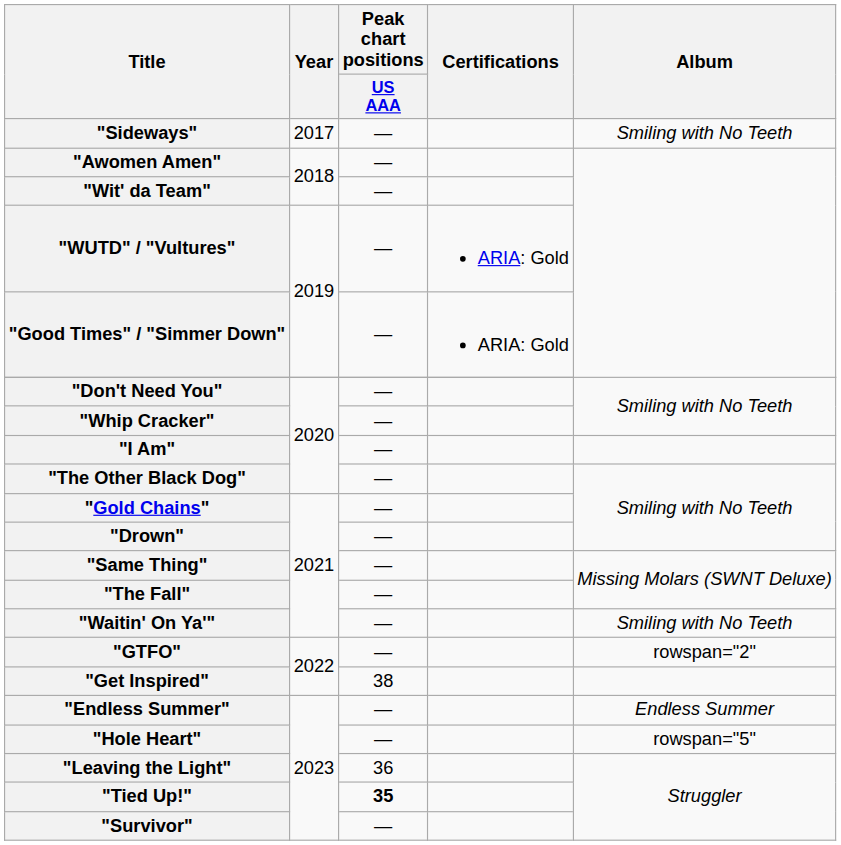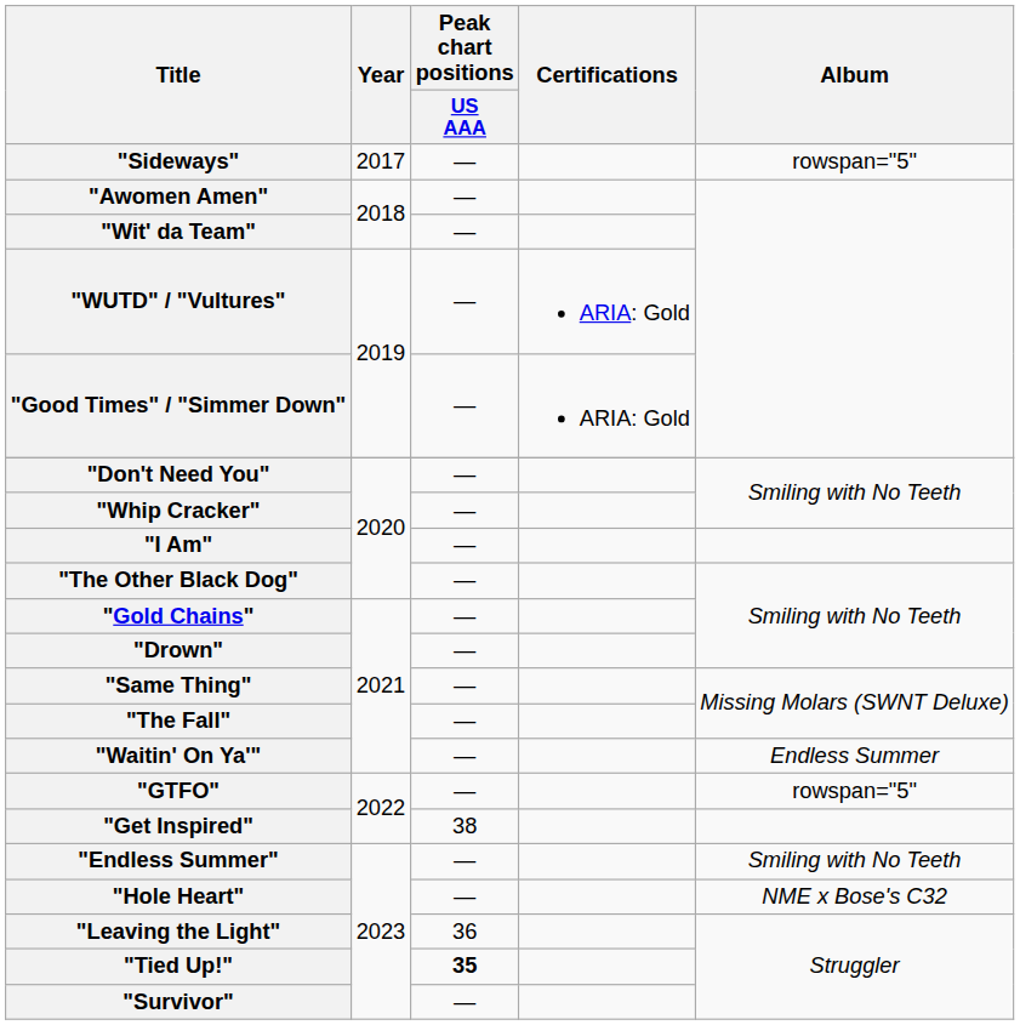 <table class="wikitable plainrowheaders" style="text-align:center;">
 <tr>
 <th rowspan="2" scope="col">Title</th>
 <th rowspan="2" scope="col">Year</th>
 <th rowspan="1" scope="col">Peak chart positions</th>
 <th rowspan="2" scope="col">Certifications</th>
 <th rowspan="2" scope="col">Album</th>
 </tr>
 <tr>
 <th scope="col" style="width:3em;font-size:90%;"><a href='#'>US<br>AAA</a><br></th>
 </tr>
 <tr>
 <th scope="row">"Sideways"</th>
 <td>2017</td>
 <td>—</td>
 <td></td>
-<td><em>Smiling with No Teeth</em></td>
+<td>rowspan="5" </td>
 </tr>
 <tr>
 <th scope="row">"Awomen Amen"</th>
 <td rowspan="2">2018</td>
 <td>—</td>
 <td></td>
 </tr>
 <tr>
 <th scope="row">"Wit' da Team"</th>
 <td>—</td>
 <td></td>
 </tr>
 <tr>
 <th scope="row">"WUTD" / "Vultures"</th>
 <td rowspan="2">2019</td>
 <td>—</td>
 <td><br><ul><li><a href='#'>ARIA</a>: Gold</li></ul></td>
 </tr>
 <tr>
 <th scope="row">"Good Times" / "Simmer Down"</th>
 <td>—</td>
 <td><br><ul><li>ARIA: Gold</li></ul></td>
 </tr>
 <tr>
 </tr>
 <tr>
 <th scope="row">"Don't Need You"</th>
 <td rowspan="4">2020</td>
 <td>—</td>
 <td></td>
 <td rowspan="2"><em>Smiling with No Teeth</em></td>
 </tr>
 <tr>
 <th scope="row">"Whip Cracker"</th>
 <td>—</td>
 <td></td>
 </tr>
 <tr>
 <th scope="row">"I Am"</th>
 <td>—</td>
 <td></td>
 <td></td>
 </tr>
 <tr>
 <th scope="row">"The Other Black Dog"</th>
 <td>—</td>
 <td></td>
 <td rowspan="3"><em>Smiling with No Teeth</em></td>
 </tr>
 <tr>
 <th scope="row">"<a href='#'>Gold Chains</a>"</th>
 <td rowspan="5">2021</td>
 <td>—</td>
 <td></td>
 </tr>
 <tr>
 <th scope="row">"Drown" <br></th>
 <td>—</td>
 <td></td>
 </tr>
 <tr>
 <th scope="row">"Same Thing"</th>
 <td>—</td>
 <td></td>
 <td rowspan="2"><em>Missing Molars (SWNT Deluxe)</em></td>
 </tr>
 <tr>
 <th scope="row">"The Fall"</th>
 <td>—</td>
 <td></td>
 </tr>
 <tr>
 <th scope="row">"Waitin' On Ya'"</th>
 <td>—</td>
 <td></td>
-<td><em>Smiling with No Teeth</em></td>
+<td><em>Endless Summer</em></td>
 </tr>
 <tr>
 <th scope="row">"GTFO"</th>
 <td rowspan="2">2022</td>
 <td>—</td>
 <td></td>
-<td>rowspan="2" </td>
+<td>rowspan="5" </td>
 </tr>
 <tr>
 <th scope="row">"Get Inspired"</th>
 <td>38</td>
 <td></td>
 </tr>
 <tr>
 <th scope="row">"Endless Summer"<br></th>
 <td rowspan="5">2023</td>
 <td>—</td>
 <td></td>
-<td><em>Endless Summer</em></td>
+<td><em>Smiling with No Teeth</em></td>
 </tr>
 <tr>
 <th scope="row">"Hole Heart"</th>
 <td>—</td>
 <td></td>
-<td>rowspan="5" </td>
+<td><em>NME x Bose's C32</em></td>
 </tr>
 <tr>
 <th scope="row">"Leaving the Light"</th>
 <td>36</td>
 <td></td>
 <td rowspan="3"><em>Struggler</em></td>
 </tr>
 <tr>
 <th scope="row">"Tied Up!"</th>
 <td><strong>35</strong></td>
 <td></td>
 </tr>
 <tr>
 <th scope="row">"Survivor"</th>
 <td>—</td>
 <td></td>
 </tr>
 </table>
